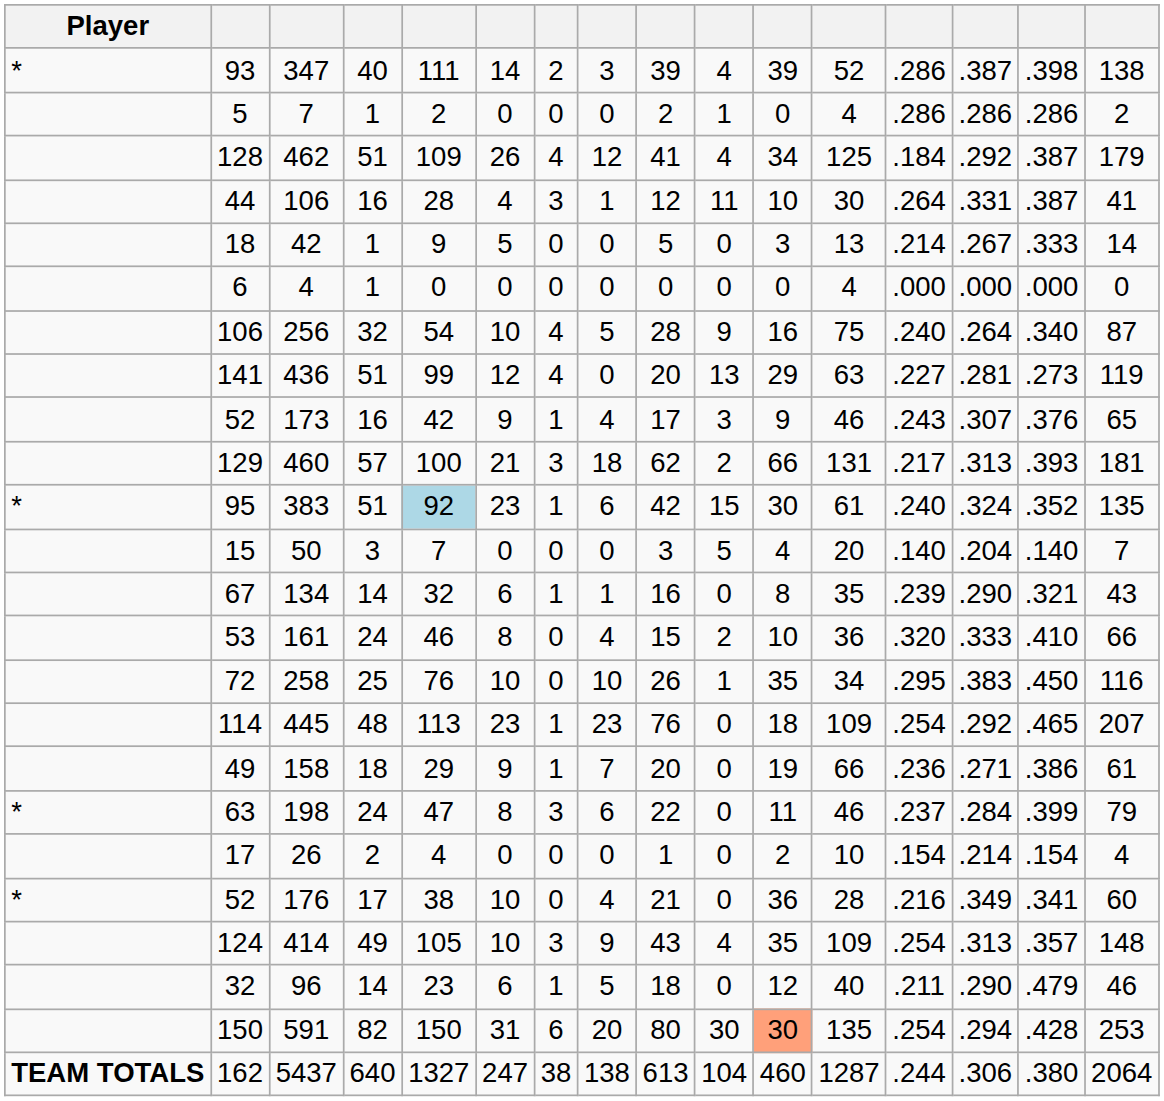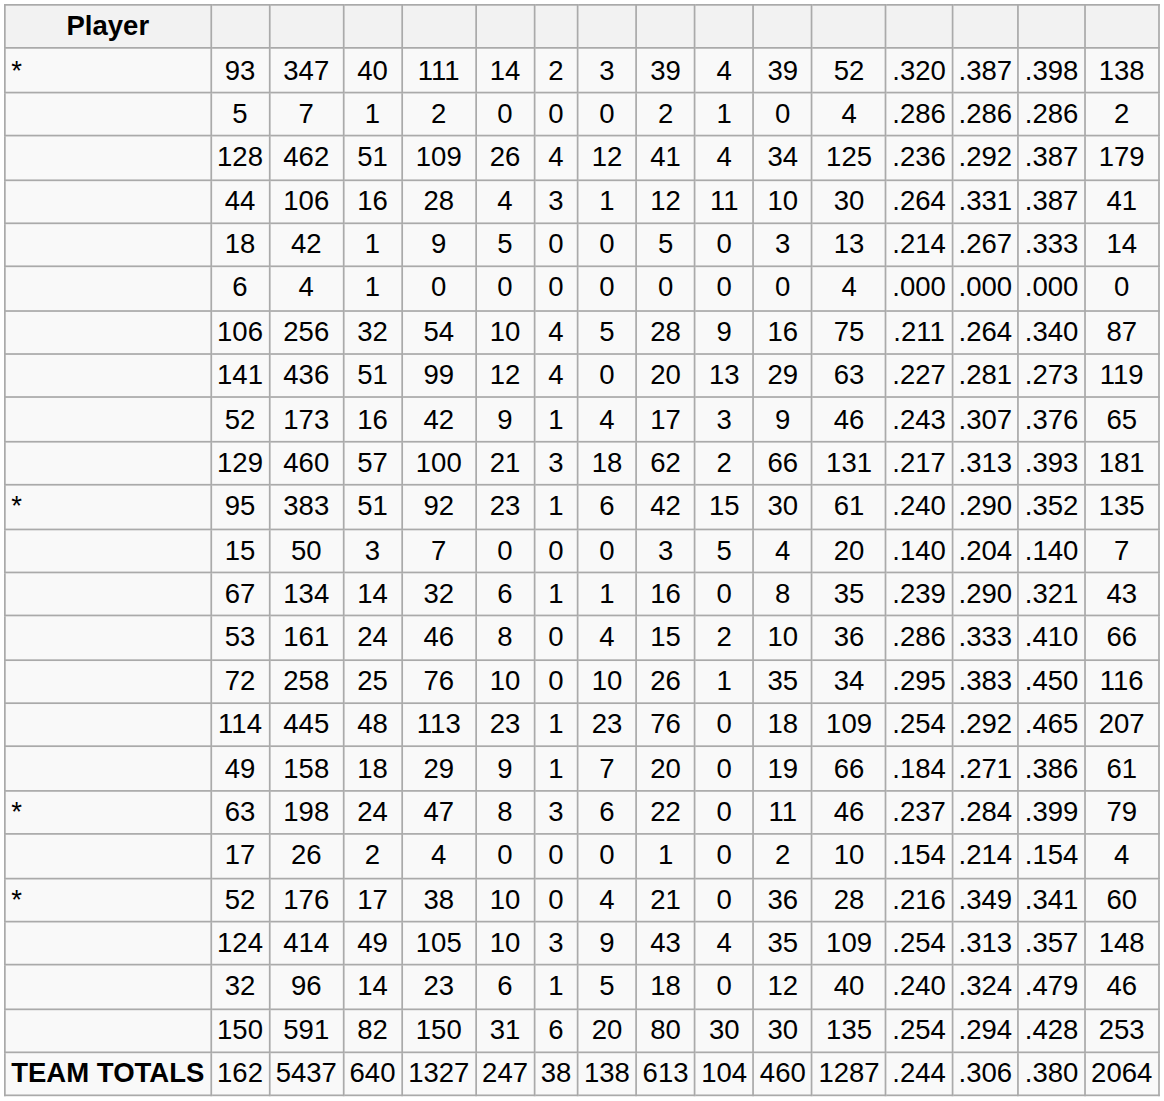 <table class="wikitable sortable" style="text-align:center;">
 <tr>
 <th>Player</th>
 <th></th>
 <th></th>
 <th></th>
 <th></th>
 <th></th>
 <th></th>
 <th></th>
 <th></th>
 <th></th>
 <th></th>
 <th></th>
 <th></th>
 <th></th>
 <th></th>
 <th></th>
 </tr>
 <tr>
 <td align=left> *</td>
 <td>93</td>
 <td>347</td>
 <td>40</td>
 <td>111</td>
 <td>14</td>
 <td>2</td>
 <td>3</td>
 <td>39</td>
 <td>4</td>
 <td>39</td>
 <td>52</td>
-<td>.286</td>
+<td>.320</td>
 <td>.387</td>
 <td>.398</td>
 <td>138</td>
 </tr>
 <tr>
 <td align=left></td>
 <td>5</td>
 <td>7</td>
 <td>1</td>
 <td>2</td>
 <td>0</td>
 <td>0</td>
 <td>0</td>
 <td>2</td>
 <td>1</td>
 <td>0</td>
 <td>4</td>
 <td>.286</td>
 <td>.286</td>
 <td>.286</td>
 <td>2</td>
 </tr>
 <tr>
 <td align=left></td>
 <td>128</td>
 <td>462</td>
 <td>51</td>
 <td>109</td>
 <td>26</td>
 <td>4</td>
 <td>12</td>
 <td>41</td>
 <td>4</td>
 <td>34</td>
 <td>125</td>
-<td>.184</td>
+<td>.236</td>
 <td>.292</td>
 <td>.387</td>
 <td>179</td>
 </tr>
 <tr>
 <td align=left></td>
 <td>44</td>
 <td>106</td>
 <td>16</td>
 <td>28</td>
 <td>4</td>
 <td>3</td>
 <td>1</td>
 <td>12</td>
 <td>11</td>
 <td>10</td>
 <td>30</td>
 <td>.264</td>
 <td>.331</td>
 <td>.387</td>
 <td>41</td>
 </tr>
 <tr>
 <td align=left></td>
 <td>18</td>
 <td>42</td>
 <td>1</td>
 <td>9</td>
 <td>5</td>
 <td>0</td>
 <td>0</td>
 <td>5</td>
 <td>0</td>
 <td>3</td>
 <td>13</td>
 <td>.214</td>
 <td>.267</td>
 <td>.333</td>
 <td>14</td>
 </tr>
 <tr>
 <td align=left></td>
 <td>6</td>
 <td>4</td>
 <td>1</td>
 <td>0</td>
 <td>0</td>
 <td>0</td>
 <td>0</td>
 <td>0</td>
 <td>0</td>
 <td>0</td>
 <td>4</td>
 <td>.000</td>
 <td>.000</td>
 <td>.000</td>
 <td>0</td>
 </tr>
 <tr>
 <td align=left></td>
 <td>106</td>
 <td>256</td>
 <td>32</td>
 <td>54</td>
 <td>10</td>
 <td>4</td>
 <td>5</td>
 <td>28</td>
 <td>9</td>
 <td>16</td>
 <td>75</td>
-<td>.240</td>
+<td>.211</td>
 <td>.264</td>
 <td>.340</td>
 <td>87</td>
 </tr>
 <tr>
 <td align=left></td>
 <td>141</td>
 <td>436</td>
 <td>51</td>
 <td>99</td>
 <td>12</td>
 <td>4</td>
 <td>0</td>
 <td>20</td>
 <td>13</td>
 <td>29</td>
 <td>63</td>
 <td>.227</td>
 <td>.281</td>
 <td>.273</td>
 <td>119</td>
 </tr>
 <tr>
 <td align=left></td>
 <td>52</td>
 <td>173</td>
 <td>16</td>
 <td>42</td>
 <td>9</td>
 <td>1</td>
 <td>4</td>
 <td>17</td>
 <td>3</td>
 <td>9</td>
 <td>46</td>
 <td>.243</td>
 <td>.307</td>
 <td>.376</td>
 <td>65</td>
 </tr>
 <tr>
 <td align=left><strong></strong></td>
 <td>129</td>
 <td>460</td>
 <td>57</td>
 <td>100</td>
 <td>21</td>
 <td>3</td>
 <td>18</td>
 <td>62</td>
 <td>2</td>
 <td>66</td>
 <td>131</td>
 <td>.217</td>
 <td>.313</td>
 <td>.393</td>
 <td>181</td>
 </tr>
 <tr>
 <td align=left> *</td>
 <td>95</td>
 <td>383</td>
 <td>51</td>
-<td style="background: lightblue;">92</td>
+<td>92</td>
 <td>23</td>
 <td>1</td>
 <td>6</td>
 <td>42</td>
 <td>15</td>
 <td>30</td>
 <td>61</td>
 <td>.240</td>
-<td>.324</td>
+<td>.290</td>
 <td>.352</td>
 <td>135</td>
 </tr>
 <tr>
 <td align=left></td>
 <td>15</td>
 <td>50</td>
 <td>3</td>
 <td>7</td>
 <td>0</td>
 <td>0</td>
 <td>0</td>
 <td>3</td>
 <td>5</td>
 <td>4</td>
 <td>20</td>
 <td>.140</td>
 <td>.204</td>
 <td>.140</td>
 <td>7</td>
 </tr>
 <tr>
 <td align=left></td>
 <td>67</td>
 <td>134</td>
 <td>14</td>
 <td>32</td>
 <td>6</td>
 <td>1</td>
 <td>1</td>
 <td>16</td>
 <td>0</td>
 <td>8</td>
 <td>35</td>
 <td>.239</td>
 <td>.290</td>
 <td>.321</td>
 <td>43</td>
 </tr>
 <tr>
 <td align=left></td>
 <td>53</td>
 <td>161</td>
 <td>24</td>
 <td>46</td>
 <td>8</td>
 <td>0</td>
 <td>4</td>
 <td>15</td>
 <td>2</td>
 <td>10</td>
 <td>36</td>
-<td>.320</td>
+<td>.286</td>
 <td>.333</td>
 <td>.410</td>
 <td>66</td>
 </tr>
 <tr>
 <td align=left></td>
 <td>72</td>
 <td>258</td>
 <td>25</td>
 <td>76</td>
 <td>10</td>
 <td>0</td>
 <td>10</td>
 <td>26</td>
 <td>1</td>
 <td>35</td>
 <td>34</td>
 <td>.295</td>
 <td>.383</td>
 <td>.450</td>
 <td>116</td>
 </tr>
 <tr>
 <td align=left></td>
 <td>114</td>
 <td>445</td>
 <td>48</td>
 <td>113</td>
 <td>23</td>
 <td>1</td>
 <td>23</td>
 <td>76</td>
 <td>0</td>
 <td>18</td>
 <td>109</td>
 <td>.254</td>
 <td>.292</td>
 <td>.465</td>
 <td>207</td>
 </tr>
 <tr>
 <td align=left></td>
 <td>49</td>
 <td>158</td>
 <td>18</td>
 <td>29</td>
 <td>9</td>
 <td>1</td>
 <td>7</td>
 <td>20</td>
 <td>0</td>
 <td>19</td>
 <td>66</td>
-<td>.236</td>
+<td>.184</td>
 <td>.271</td>
 <td>.386</td>
 <td>61</td>
 </tr>
 <tr>
 <td align=left> *</td>
 <td>63</td>
 <td>198</td>
 <td>24</td>
 <td>47</td>
 <td>8</td>
 <td>3</td>
 <td>6</td>
 <td>22</td>
 <td>0</td>
 <td>11</td>
 <td>46</td>
 <td>.237</td>
 <td>.284</td>
 <td>.399</td>
 <td>79</td>
 </tr>
 <tr>
 <td align=left></td>
 <td>17</td>
 <td>26</td>
 <td>2</td>
 <td>4</td>
 <td>0</td>
 <td>0</td>
 <td>0</td>
 <td>1</td>
 <td>0</td>
 <td>2</td>
 <td>10</td>
 <td>.154</td>
 <td>.214</td>
 <td>.154</td>
 <td>4</td>
 </tr>
 <tr>
 <td align=left> *</td>
 <td>52</td>
 <td>176</td>
 <td>17</td>
 <td>38</td>
 <td>10</td>
 <td>0</td>
 <td>4</td>
 <td>21</td>
 <td>0</td>
 <td>36</td>
 <td>28</td>
 <td>.216</td>
 <td>.349</td>
 <td>.341</td>
 <td>60</td>
 </tr>
 <tr>
 <td align=left></td>
 <td>124</td>
 <td>414</td>
 <td>49</td>
 <td>105</td>
 <td>10</td>
 <td>3</td>
 <td>9</td>
 <td>43</td>
 <td>4</td>
 <td>35</td>
 <td>109</td>
 <td>.254</td>
 <td>.313</td>
 <td>.357</td>
 <td>148</td>
 </tr>
 <tr>
 <td align=left></td>
 <td>32</td>
 <td>96</td>
 <td>14</td>
 <td>23</td>
 <td>6</td>
 <td>1</td>
 <td>5</td>
 <td>18</td>
 <td>0</td>
 <td>12</td>
 <td>40</td>
-<td>.211</td>
-<td>.290</td>
+<td>.240</td>
+<td>.324</td>
 <td>.479</td>
 <td>46</td>
 </tr>
 <tr>
 <td align=left><strong></strong></td>
 <td>150</td>
 <td>591</td>
 <td>82</td>
 <td>150</td>
 <td>31</td>
 <td>6</td>
 <td>20</td>
 <td>80</td>
 <td>30</td>
-<td style="background: lightsalmon;">30</td>
+<td>30</td>
 <td>135</td>
 <td>.254</td>
 <td>.294</td>
 <td>.428</td>
 <td>253</td>
 </tr>
 <tr class="sortbottom">
 <td align="left"><strong>TEAM TOTALS</strong></td>
 <td>162</td>
 <td>5437</td>
 <td>640</td>
 <td>1327</td>
 <td>247</td>
 <td>38</td>
 <td>138</td>
 <td>613</td>
 <td>104</td>
 <td>460</td>
 <td>1287</td>
 <td>.244</td>
 <td>.306</td>
 <td>.380</td>
 <td>2064</td>
 </tr>
 </table>
